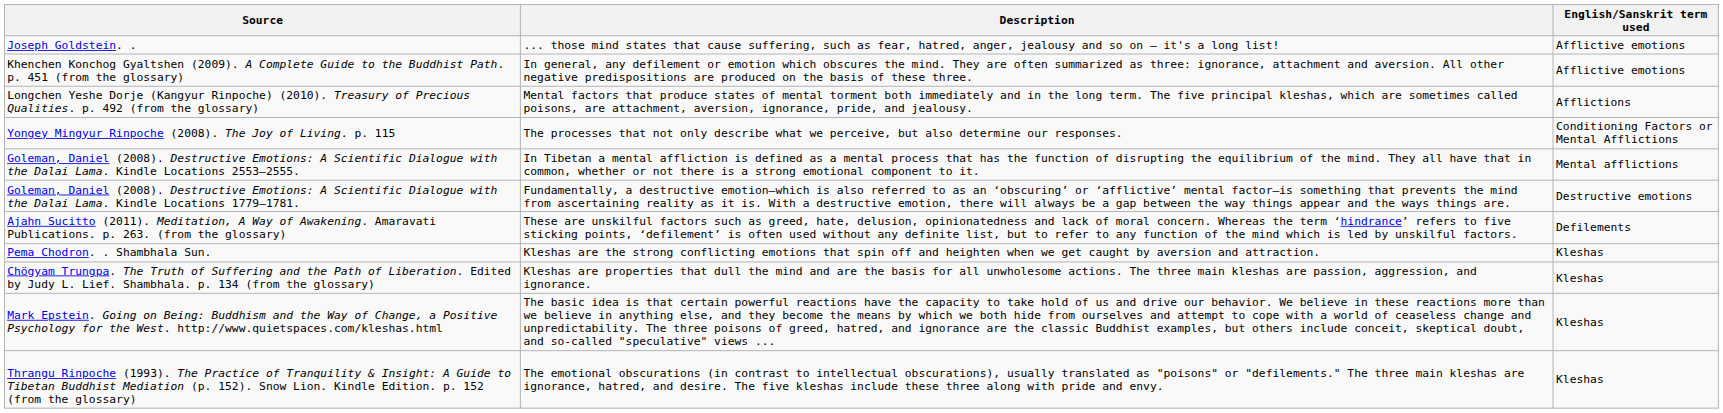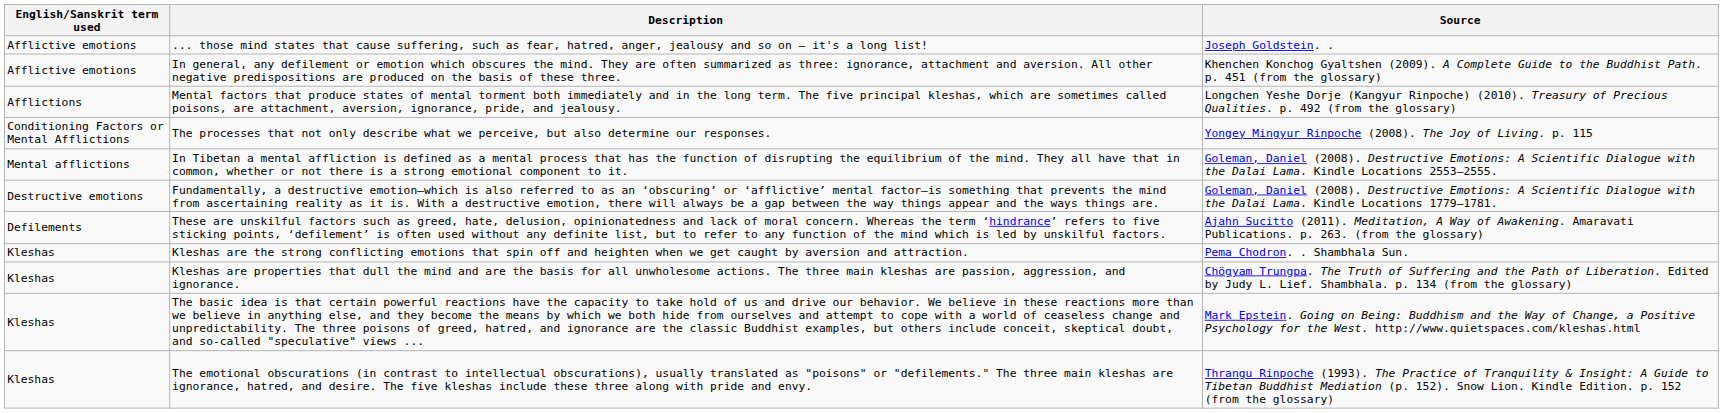 <table class="wikitable">
 <tr>
+<th>English/Sanskrit term used</th>
+<th>Description</th>
 <th>Source</th>
-<th>Description</th>
-<th>English/Sanskrit term used</th>
 </tr>
 <tr>
+<td>Afflictive emotions</td>
+<td>... those mind states that cause suffering, such as fear, hatred, anger, jealousy and so on – it's a long list!</td>
 <td><a href='#'>Joseph Goldstein</a>. <em></em>.</td>
-<td>... those mind states that cause suffering, such as fear, hatred, anger, jealousy and so on – it's a long list!</td>
-<td>Afflictive emotions</td>
 </tr>
 <tr>
+<td>Afflictive emotions</td>
+<td>In general, any defilement or emotion which obscures the mind. They are often summarized as three: ignorance, attachment and aversion. All other negative predispositions are produced on the basis of these three.</td>
 <td>Khenchen Konchog Gyaltshen (2009). <em>A Complete Guide to the Buddhist Path</em>. p. 451 (from the glossary)</td>
-<td>In general, any defilement or emotion which obscures the mind. They are often summarized as three: ignorance, attachment and aversion. All other negative predispositions are produced on the basis of these three.</td>
-<td>Afflictive emotions</td>
 </tr>
 <tr>
+<td>Afflictions</td>
+<td>Mental factors that produce states of mental torment both immediately and in the long term. The five principal kleshas, which are sometimes called poisons, are attachment, aversion, ignorance, pride, and jealousy.</td>
 <td>Longchen Yeshe Dorje (Kangyur Rinpoche) (2010). <em>Treasury of Precious Qualities</em>. p. 492 (from the glossary)</td>
-<td>Mental factors that produce states of mental torment both immediately and in the long term. The five principal kleshas, which are sometimes called poisons, are attachment, aversion, ignorance, pride, and jealousy.</td>
-<td>Afflictions</td>
 </tr>
 <tr>
+<td>Conditioning Factors or Mental Afflictions</td>
+<td>The processes that not only describe what we perceive, but also determine our responses.</td>
 <td><a href='#'>Yongey Mingyur Rinpoche</a> (2008). <em>The Joy of Living</em>. p. 115</td>
-<td>The processes that not only describe what we perceive, but also determine our responses.</td>
-<td>Conditioning Factors or Mental Afflictions</td>
 </tr>
 <tr>
+<td>Mental afflictions</td>
+<td>In Tibetan a mental affliction is defined as a mental process that has the function of disrupting the equilibrium of the mind. They all have that in common, whether or not there is a strong emotional component to it.</td>
 <td><a href='#'>Goleman, Daniel</a> (2008). <em>Destructive Emotions: A Scientific Dialogue with the Dalai Lama</em>. Kindle Locations 2553–2555.</td>
-<td>In Tibetan a mental affliction is defined as a mental process that has the function of disrupting the equilibrium of the mind. They all have that in common, whether or not there is a strong emotional component to it.</td>
-<td>Mental afflictions</td>
 </tr>
 <tr>
+<td>Destructive emotions</td>
+<td>Fundamentally, a destructive emotion—which is also referred to as an ‘obscuring’ or ‘afflictive’ mental factor—is something that prevents the mind from ascertaining reality as it is. With a destructive emotion, there will always be a gap between the way things appear and the ways things are.</td>
 <td><a href='#'>Goleman, Daniel</a> (2008). <em>Destructive Emotions: A Scientific Dialogue with the Dalai Lama</em>. Kindle Locations 1779–1781.</td>
-<td>Fundamentally, a destructive emotion—which is also referred to as an ‘obscuring’ or ‘afflictive’ mental factor—is something that prevents the mind from ascertaining reality as it is. With a destructive emotion, there will always be a gap between the way things appear and the ways things are.</td>
-<td>Destructive emotions</td>
 </tr>
 <tr>
+<td>Defilements</td>
+<td>These are unskilful factors such as greed, hate, delusion, opinionatedness and lack of moral concern. Whereas the term ‘<a href='#'>hindrance</a>’ refers to five sticking points, ‘defilement’ is often used without any definite list, but to refer to any function of the mind which is led by unskilful factors.</td>
 <td><a href='#'>Ajahn Sucitto</a> (2011). <em>Meditation, A Way of Awakening</em>. Amaravati Publications. p. 263. (from the glossary)</td>
-<td>These are unskilful factors such as greed, hate, delusion, opinionatedness and lack of moral concern. Whereas the term ‘<a href='#'>hindrance</a>’ refers to five sticking points, ‘defilement’ is often used without any definite list, but to refer to any function of the mind which is led by unskilful factors.</td>
-<td>Defilements</td>
 </tr>
 <tr>
+<td>Kleshas</td>
+<td>Kleshas are the strong conflicting emotions that spin off and heighten when we get caught by aversion and attraction.</td>
 <td><a href='#'>Pema Chodron</a>. . Shambhala Sun.</td>
-<td>Kleshas are the strong conflicting emotions that spin off and heighten when we get caught by aversion and attraction.</td>
-<td>Kleshas</td>
 </tr>
 <tr>
+<td>Kleshas</td>
+<td>Kleshas are properties that dull the mind and are the basis for all unwholesome actions. The three main kleshas are passion, aggression, and ignorance.</td>
 <td><a href='#'>Chögyam Trungpa</a>. <em>The Truth of Suffering and the Path of Liberation</em>. Edited by Judy L. Lief. Shambhala. p. 134 (from the glossary)</td>
-<td>Kleshas are properties that dull the mind and are the basis for all unwholesome actions. The three main kleshas are passion, aggression, and ignorance.</td>
-<td>Kleshas</td>
 </tr>
 <tr>
+<td>Kleshas</td>
+<td>The basic idea is that certain powerful reactions have the capacity to take hold of us and drive our behavior. We believe in these reactions more than we believe in anything else, and they become the means by which we both hide from ourselves and attempt to cope with a world of ceaseless change and unpredictability. The three poisons of greed, hatred, and ignorance are the classic Buddhist examples, but others include conceit, skeptical doubt, and so-called "speculative" views ...</td>
 <td><a href='#'>Mark Epstein</a>. <em>Going on Being: Buddhism and the Way of Change, a Positive Psychology for the West</em>. http://www.quietspaces.com/kleshas.html</td>
-<td>The basic idea is that certain powerful reactions have the capacity to take hold of us and drive our behavior. We believe in these reactions more than we believe in anything else, and they become the means by which we both hide from ourselves and attempt to cope with a world of ceaseless change and unpredictability. The three poisons of greed, hatred, and ignorance are the classic Buddhist examples, but others include conceit, skeptical doubt, and so-called "speculative" views ...</td>
-<td>Kleshas</td>
 </tr>
 <tr>
+<td>Kleshas</td>
+<td>The emotional obscurations (in contrast to intellectual obscurations), usually translated as "poisons" or "defilements." The three main kleshas are ignorance, hatred, and desire. The five kleshas include these three along with pride and envy.</td>
 <td><br><a href='#'>Thrangu Rinpoche</a> (1993). <em>The Practice of Tranquility & Insight: A Guide to Tibetan Buddhist Mediation</em> (p. 152). Snow Lion. Kindle Edition. p. 152 (from the glossary)</td>
-<td>The emotional obscurations (in contrast to intellectual obscurations), usually translated as "poisons" or "defilements." The three main kleshas are ignorance, hatred, and desire. The five kleshas include these three along with pride and envy.</td>
-<td>Kleshas</td>
 </tr>
 </table>
